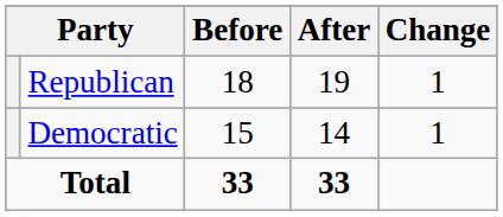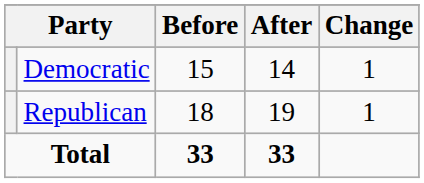 <table class="wikitable" style="text-align:center;">
 <tr>
 </tr>
 <tr>
 <th colspan=2>Party</th>
 <th>Before</th>
 <th>After</th>
 <th>Change</th>
 </tr>
 <tr>
 <th style="background-color:"></th>
-<td style="text-align:left;"><a href='#'>Republican</a></td>
-<td>18</td>
-<td>19</td>
+<td style="text-align:left;"><a href='#'>Democratic</a></td>
+<td>15</td>
+<td>14</td>
 <td> 1</td>
 </tr>
 <tr>
 <th style="background-color:"></th>
-<td style="text-align:left;"><a href='#'>Democratic</a></td>
-<td>15</td>
-<td>14</td>
+<td style="text-align:left;"><a href='#'>Republican</a></td>
+<td>18</td>
+<td>19</td>
 <td> 1</td>
 </tr>
 <tr>
 <td colspan=2><strong>Total</strong></td>
 <td><strong>33</strong></td>
 <td><strong>33</strong></td>
 <td></td>
 </tr>
 </table>
